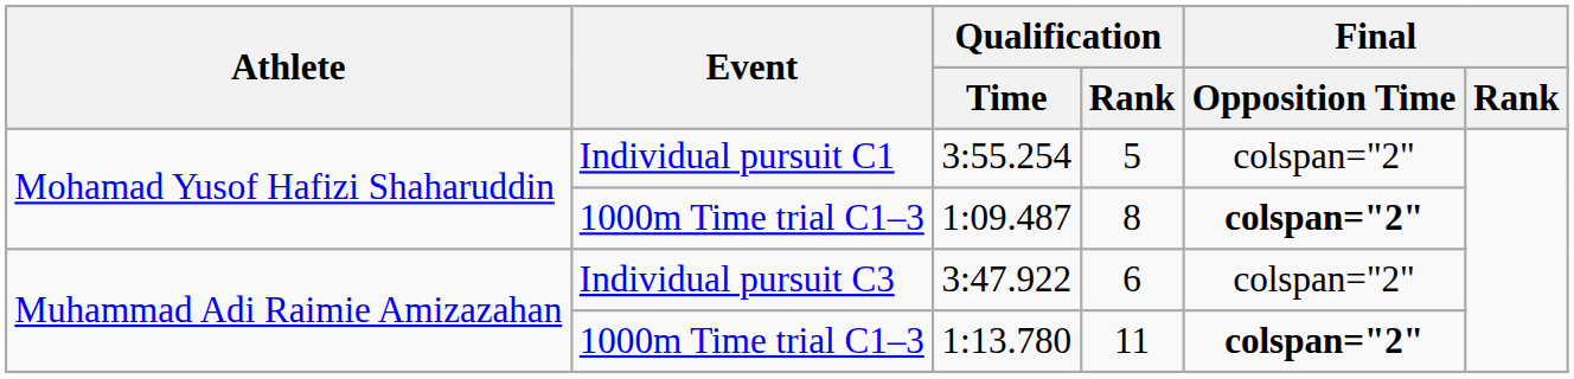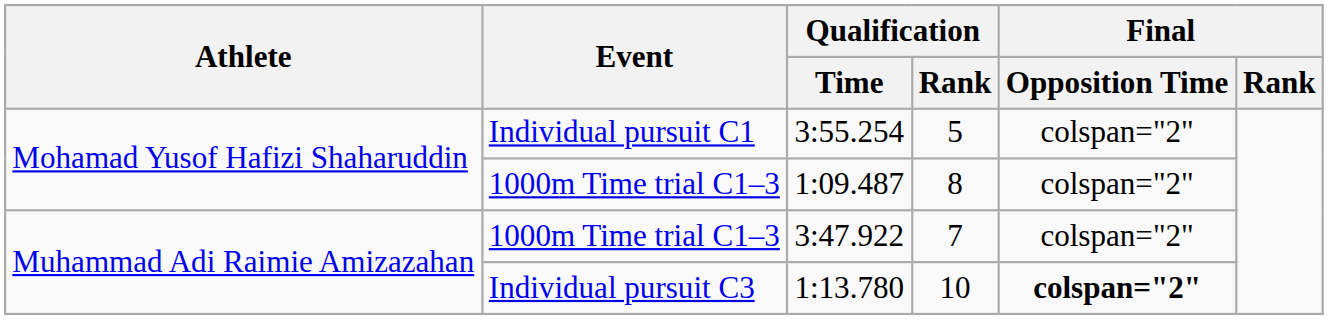 <table class="wikitable" style="font-size:90%">
 <tr>
 <th rowspan="2">Athlete</th>
 <th rowspan="2">Event</th>
 <th colspan="2">Qualification</th>
 <th colspan="2">Final</th>
 </tr>
 <tr>
 <th>Time</th>
 <th>Rank</th>
 <th>Opposition Time</th>
 <th>Rank</th>
 </tr>
 <tr align="center">
 <td rowspan="2" align="left"><a href='#'>Mohamad Yusof Hafizi Shaharuddin</a></td>
 <td align="left"><a href='#'>Individual pursuit C1</a></td>
 <td>3:55.254</td>
 <td>5</td>
 <td>colspan="2" </td>
 </tr>
 <tr align="center">
 <td align="left"><a href='#'>1000m Time trial C1–3</a></td>
 <td>1:09.487</td>
 <td>8</td>
-<td><strong>colspan="2" </strong></td>
+<td>colspan="2" </td>
 </tr>
 <tr align="center">
 <td rowspan="2" align="left"><a href='#'>Muhammad Adi Raimie Amizazahan</a></td>
-<td align="left"><a href='#'>Individual pursuit C3</a></td>
+<td align="left"><a href='#'>1000m Time trial C1–3</a></td>
 <td>3:47.922</td>
-<td>6</td>
+<td>7</td>
 <td>colspan="2" </td>
 </tr>
 <tr align="center">
-<td align="left"><a href='#'>1000m Time trial C1–3</a></td>
+<td align="left"><a href='#'>Individual pursuit C3</a></td>
 <td>1:13.780</td>
-<td>11</td>
+<td>10</td>
 <td><strong>colspan="2" </strong></td>
 </tr>
 </table>
